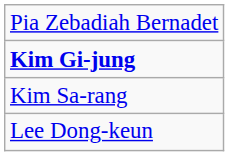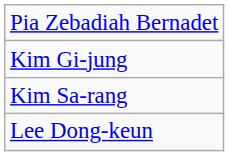 <table class="wikitable" style="text-align:left">
 <tr>
 <td> <a href='#'>Pia Zebadiah Bernadet</a></td>
 </tr>
 <tr>
-<td><strong> <a href='#'>Kim Gi-jung</a></strong></td>
+<td> <a href='#'>Kim Gi-jung</a></td>
 </tr>
 <tr>
 <td> <a href='#'>Kim Sa-rang</a></td>
 </tr>
 <tr>
 <td> <a href='#'>Lee Dong-keun</a></td>
 </tr>
 </table>
